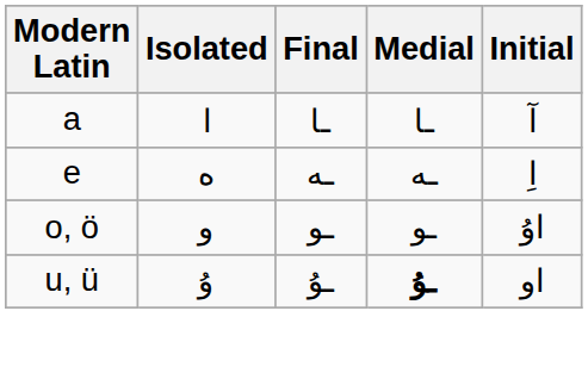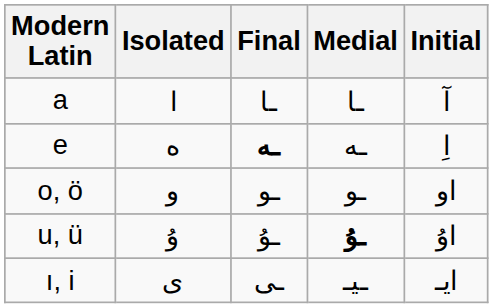 <table class="wikitable">
 <tr>
 <th>Modern<br>Latin</th>
 <th>Isolated</th>
 <th>Final</th>
 <th>Medial</th>
 <th>Initial</th>
 </tr>
 <tr style="text-align:center;">
 <td>a</td>
 <td><span>ا</span></td>
 <td><span>ـا</span></td>
 <td><span>ـا</span></td>
 <td><span>آ</span></td>
 </tr>
 <tr style="text-align:center;">
 <td>e</td>
 <td><span>ه</span></td>
-<td><span>ـه</span></td>
+<td><strong><span>ـه</span></strong></td>
 <td><span>ـه‌</span></td>
 <td><span>اِ</span></td>
 </tr>
 <tr style="text-align:center;">
 <td>o, ö</td>
 <td><span>و</span></td>
 <td><span>ـو</span></td>
 <td><span>ـو</span></td>
-<td><span>اۇ</span></td>
+<td><span>او</span></td>
 </tr>
 <tr style="text-align:center;">
 <td>u, ü</td>
 <td><span>ۇ</span></td>
 <td><span>ـۇ</span></td>
 <td><strong><span>ـۇ</span></strong></td>
-<td><span>او</span></td>
+<td><span>اۇ</span></td>
+</tr>
+<tr style="text-align:center;">
+<td>ı, i</td>
+<td><span>ی</span></td>
+<td><span>ـی</span></td>
+<td><span>ـیـ</span></td>
+<td><span>ایـ</span></td>
 </tr>
 </table>
